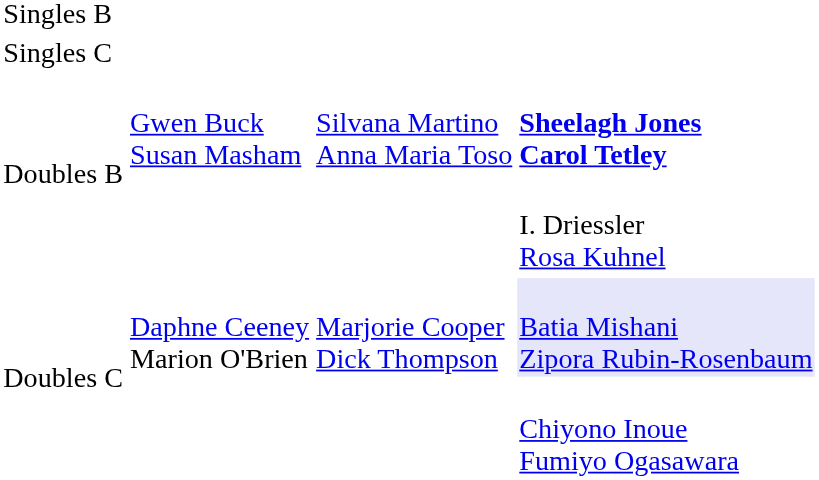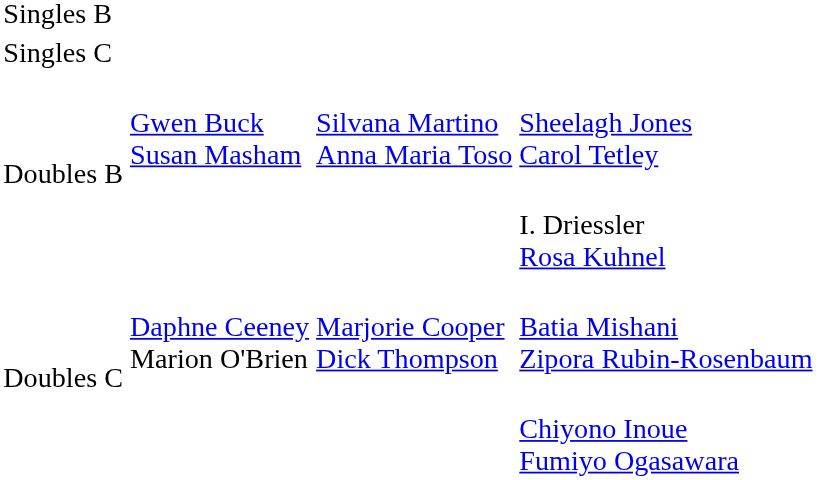 <table>
 <tr>
 <td rowspan="2">Singles B<br></td>
 <td rowspan="2"></td>
 <td rowspan="2"></td>
 <td></td>
 </tr>
 <tr>
 <td></td>
 </tr>
 <tr>
 <td rowspan="2">Singles C<br></td>
 <td rowspan="2"></td>
 <td rowspan="2"></td>
 <td></td>
 </tr>
 <tr>
 <td></td>
 </tr>
 <tr>
 <td rowspan="2">Doubles B<br></td>
 <td rowspan="2" valign=top> <br> <a href='#'>Gwen Buck</a> <br> <a href='#'>Susan Masham</a></td>
 <td rowspan="2" valign=top> <br> <a href='#'>Silvana Martino</a> <br> <a href='#'>Anna Maria Toso</a></td>
-<td valign=top><strong> <br> <a href='#'>Sheelagh Jones</a> <br> <a href='#'>Carol Tetley</a></strong></td>
+<td valign=top> <br> <a href='#'>Sheelagh Jones</a> <br> <a href='#'>Carol Tetley</a></td>
 </tr>
 <tr>
 <td valign=top> <br> I. Driessler <br> <a href='#'>Rosa Kuhnel</a></td>
 </tr>
 <tr>
 <td rowspan="2">Doubles C<br></td>
 <td rowspan="2" valign=top> <br> <a href='#'>Daphne Ceeney</a> <br> Marion O'Brien</td>
 <td rowspan="2" valign=top> <br> <a href='#'>Marjorie Cooper</a> <br> <a href='#'>Dick Thompson</a></td>
-<td valign=top style="background: lavender;"> <br> <a href='#'>Batia Mishani</a> <br> <a href='#'>Zipora Rubin-Rosenbaum</a></td>
+<td valign=top> <br> <a href='#'>Batia Mishani</a> <br> <a href='#'>Zipora Rubin-Rosenbaum</a></td>
 </tr>
 <tr>
 <td valign=top> <br> <a href='#'>Chiyono Inoue</a> <br> <a href='#'>Fumiyo Ogasawara</a></td>
 </tr>
 </table>
